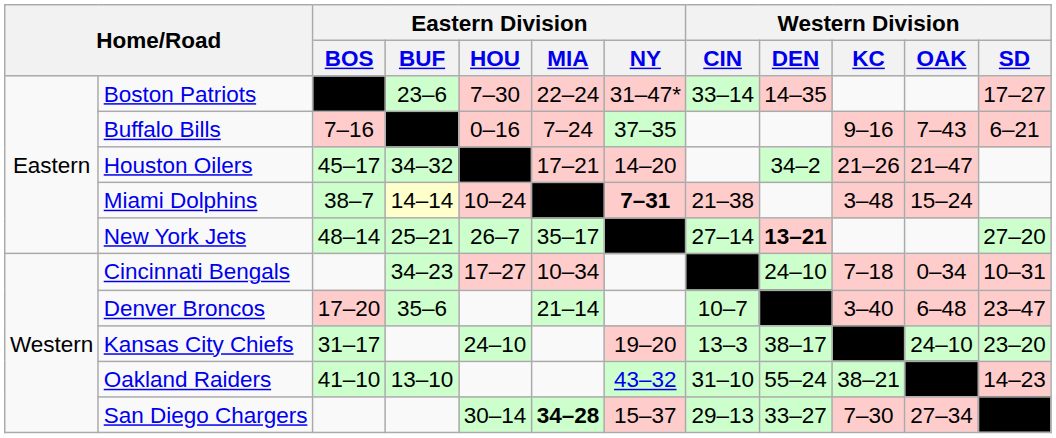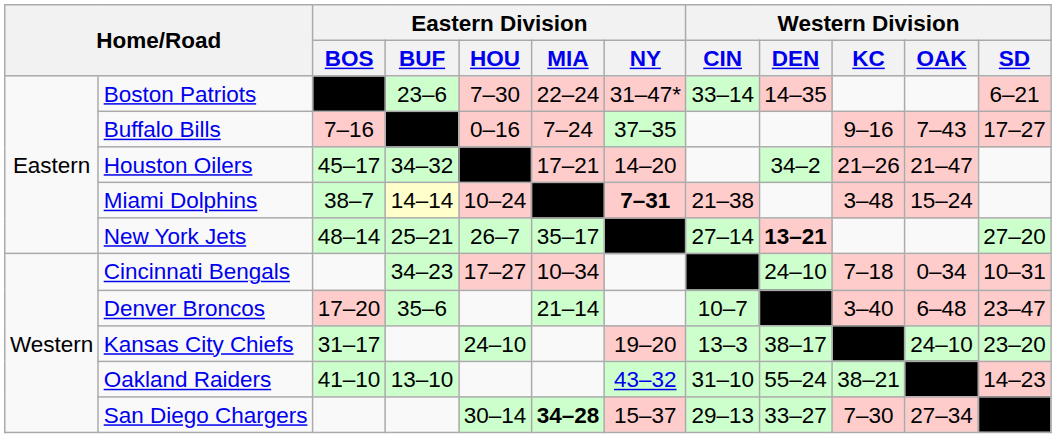 <table class="wikitable" style="font-size:95%; text-align:center">
 <tr>
 <th colspan="2" rowspan=2>Home/Road</th>
 <th colspan="5">Eastern Division</th>
 <th colspan="5">Western Division</th>
 </tr>
 <tr>
 <th><a href='#'>BOS</a></th>
 <th><a href='#'>BUF</a></th>
 <th><a href='#'>HOU</a></th>
 <th><a href='#'>MIA</a></th>
 <th><a href='#'>NY</a></th>
 <th><a href='#'>CIN</a></th>
 <th><a href='#'>DEN</a></th>
 <th><a href='#'>KC</a></th>
 <th><a href='#'>OAK</a></th>
 <th><a href='#'>SD</a></th>
 </tr>
 <tr>
 <td rowspan="5">Eastern</td>
 <td align="left"><a href='#'>Boston Patriots</a></td>
 <td style="background:#000"></td>
 <td style="background:#cfc">23–6</td>
 <td style="background:#fcc">7–30</td>
 <td style="background:#fcc">22–24</td>
 <td style="background:#fcc">31–47*</td>
 <td style="background:#cfc">33–14</td>
 <td style="background:#fcc">14–35</td>
 <td></td>
 <td></td>
-<td style="background:#fcc">17–27</td>
+<td style="background:#fcc">6–21</td>
 </tr>
 <tr>
 <td align="left"><a href='#'>Buffalo Bills</a></td>
 <td style="background:#fcc">7–16</td>
 <td style="background:#000"></td>
 <td style="background:#fcc">0–16</td>
 <td style="background:#fcc">7–24</td>
 <td style="background:#cfc">37–35</td>
 <td></td>
 <td></td>
 <td style="background:#fcc">9–16</td>
 <td style="background:#fcc">7–43</td>
-<td style="background:#fcc">6–21</td>
+<td style="background:#fcc">17–27</td>
 </tr>
 <tr>
 <td align="left"><a href='#'>Houston Oilers</a></td>
 <td style="background:#cfc">45–17</td>
 <td style="background:#cfc">34–32</td>
 <td style="background:#000"></td>
 <td style="background:#fcc">17–21</td>
 <td style="background:#fcc">14–20</td>
 <td></td>
 <td style="background:#cfc">34–2</td>
 <td style="background:#fcc">21–26</td>
 <td style="background:#fcc">21–47</td>
 <td></td>
 </tr>
 <tr>
 <td align="left"><a href='#'>Miami Dolphins</a></td>
 <td style="background:#cfc">38–7</td>
 <td style="background:#ffc">14–14</td>
 <td style="background:#fcc">10–24</td>
 <td style="background:#000"></td>
 <td style="background:#fcc"><strong>7–31</strong></td>
 <td style="background:#fcc">21–38</td>
 <td></td>
 <td style="background:#fcc">3–48</td>
 <td style="background:#fcc">15–24</td>
 <td></td>
 </tr>
 <tr>
 <td align="left"><a href='#'>New York Jets</a></td>
 <td style="background:#cfc">48–14</td>
 <td style="background:#cfc">25–21</td>
 <td style="background:#cfc">26–7</td>
 <td style="background:#cfc">35–17</td>
 <td style="background:#000"></td>
 <td style="background:#cfc">27–14</td>
 <td style="background:#fcc"><strong>13–21</strong></td>
 <td></td>
 <td></td>
 <td style="background:#cfc">27–20</td>
 </tr>
 <tr>
 <td rowspan="5">Western</td>
 <td align="left"><a href='#'>Cincinnati Bengals</a></td>
 <td></td>
 <td style="background:#cfc">34–23</td>
 <td style="background:#fcc">17–27</td>
 <td style="background:#fcc">10–34</td>
 <td></td>
 <td style="background:#000"></td>
 <td style="background:#cfc">24–10</td>
 <td style="background:#fcc">7–18</td>
 <td style="background:#fcc">0–34</td>
 <td style="background:#fcc">10–31</td>
 </tr>
 <tr>
 <td align="left"><a href='#'>Denver Broncos</a></td>
 <td style="background:#fcc">17–20</td>
 <td style="background:#cfc">35–6</td>
 <td></td>
 <td style="background:#cfc">21–14</td>
 <td></td>
 <td style="background:#cfc">10–7</td>
 <td style="background:#000"></td>
 <td style="background:#fcc">3–40</td>
 <td style="background:#fcc">6–48</td>
 <td style="background:#fcc">23–47</td>
 </tr>
 <tr>
 <td align="left"><a href='#'>Kansas City Chiefs</a></td>
 <td style="background:#cfc">31–17</td>
 <td></td>
 <td style="background:#cfc">24–10</td>
 <td></td>
 <td style="background:#fcc">19–20</td>
 <td style="background:#cfc">13–3</td>
 <td style="background:#cfc">38–17</td>
 <td style="background:#000"></td>
 <td style="background:#cfc">24–10</td>
 <td style="background:#cfc">23–20</td>
 </tr>
 <tr>
 <td align="left"><a href='#'>Oakland Raiders</a></td>
 <td style="background:#cfc">41–10</td>
 <td style="background:#cfc">13–10</td>
 <td></td>
 <td></td>
 <td style="background:#cfc"><a href='#'>43–32</a></td>
 <td style="background:#cfc">31–10</td>
 <td style="background:#cfc">55–24</td>
 <td style="background:#cfc">38–21</td>
 <td style="background:#000"></td>
 <td style="background:#fcc">14–23</td>
 </tr>
 <tr>
 <td align="left"><a href='#'>San Diego Chargers</a></td>
 <td></td>
 <td></td>
 <td style="background:#cfc">30–14</td>
 <td style="background:#cfc"><strong>34–28</strong></td>
 <td style="background:#fcc">15–37</td>
 <td style="background:#cfc">29–13</td>
 <td style="background:#cfc">33–27</td>
 <td style="background:#fcc">7–30</td>
 <td style="background:#fcc">27–34</td>
 <td style="background:#000"></td>
 </tr>
 </table>
